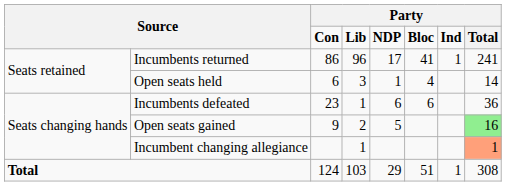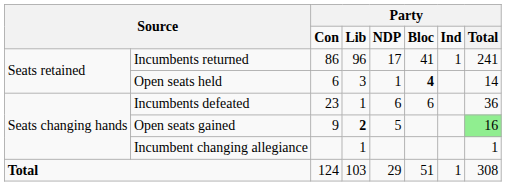 <table class="wikitable" style="text-align:right;">
 <tr>
 <th colspan="2" rowspan="2">Source</th>
 <th colspan="6">Party</th>
 </tr>
 <tr>
 <td><strong>Con</strong></td>
 <td><strong>Lib</strong></td>
 <td><strong>NDP</strong></td>
 <td><strong>Bloc</strong></td>
 <td><strong>Ind</strong></td>
 <th>Total</th>
 </tr>
 <tr>
 <td rowspan="2" style="text-align:left;">Seats retained</td>
 <td style="text-align:left;">Incumbents returned</td>
 <td>86</td>
 <td>96</td>
 <td>17</td>
 <td>41</td>
 <td>1</td>
 <td>241</td>
 </tr>
 <tr>
 <td style="text-align:left;">Open seats held</td>
 <td>6</td>
 <td>3</td>
 <td>1</td>
-<td>4</td>
+<td><strong>4</strong></td>
 <td></td>
 <td>14</td>
 </tr>
 <tr>
 <td rowspan="3" style="text-align:left;">Seats changing hands</td>
 <td style="text-align:left;">Incumbents defeated</td>
 <td>23</td>
 <td>1</td>
 <td>6</td>
 <td>6</td>
 <td></td>
 <td>36</td>
 </tr>
 <tr>
 <td style="text-align:left;">Open seats gained</td>
 <td>9</td>
-<td>2</td>
+<td><strong>2</strong></td>
 <td>5</td>
 <td></td>
 <td></td>
 <td style="background: lightgreen;">16</td>
 </tr>
 <tr>
 <td style="text-align:left;">Incumbent changing allegiance</td>
 <td></td>
 <td>1</td>
 <td></td>
 <td></td>
 <td></td>
-<td style="background: lightsalmon;">1</td>
+<td>1</td>
 </tr>
 <tr>
 <td colspan="2" style="text-align:left;"><strong>Total</strong></td>
 <td>124</td>
 <td>103</td>
 <td>29</td>
 <td>51</td>
 <td>1</td>
 <td>308</td>
 </tr>
 </table>
